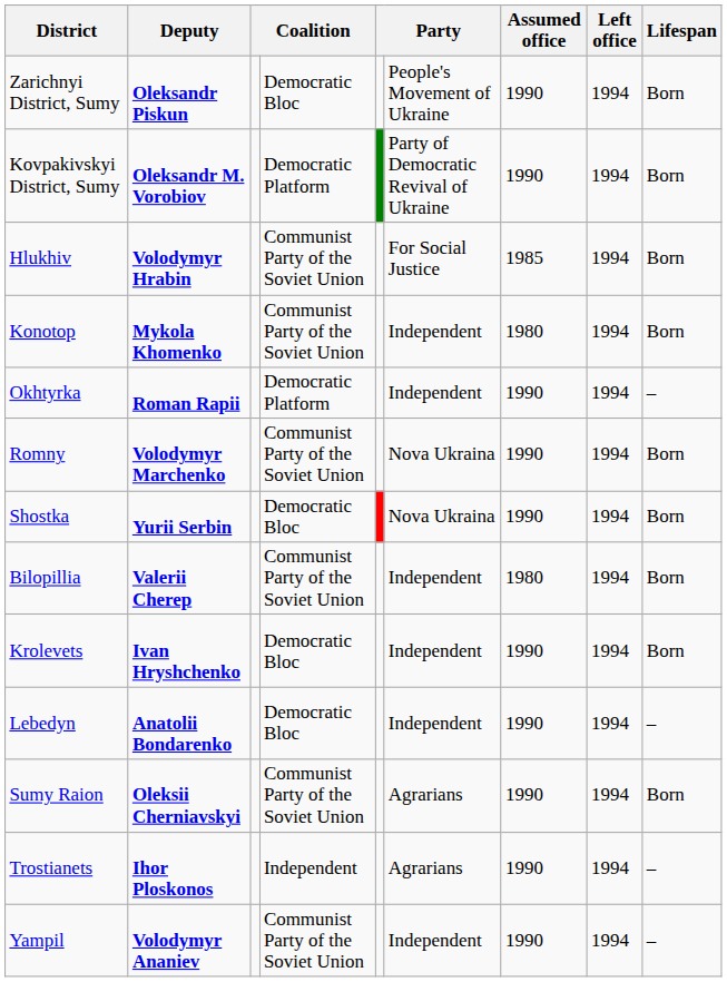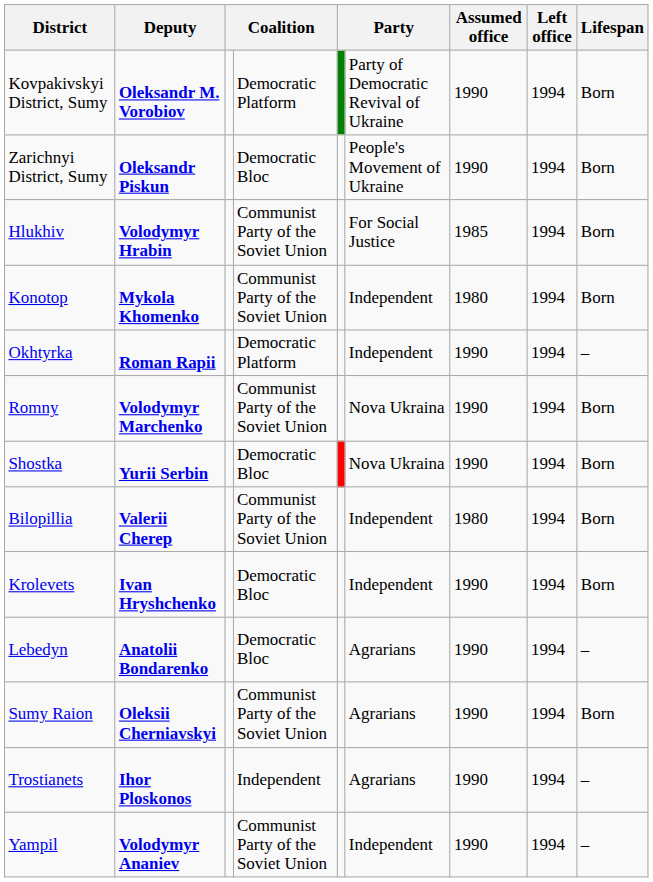 <table class="wikitable standard sortable">
 <tr>
 <th scope="col">District<br></th>
 <th scope="col">Deputy</th>
 <th scope="col" colspan=2>Coalition</th>
 <th scope="col" colspan=2>Party</th>
 <th scope="col">Assumed office</th>
 <th scope="col">Left office</th>
 <th scope="col">Lifespan</th>
 </tr>
 <tr>
+<td>Kovpakivskyi District, Sumy<br></td>
+<td data-sort-value="Vorobiov, Oleksandr"><br><strong><a href='#'>Oleksandr M. Vorobiov</a></strong></td>
+<td style="background-color:"></td>
+<td>Democratic Platform</td>
+<td style="background-color:green"></td>
+<td>Party of Democratic Revival of Ukraine</td>
+<td>1990</td>
+<td>1994</td>
+<td>Born </td>
+</tr>
+<tr>
 <td>Zarichnyi District, Sumy<br></td>
 <td data-sort-value="Piskun, Oleksandr"><br><strong><a href='#'>Oleksandr Piskun</a></strong></td>
 <td style="background-color:"></td>
 <td>Democratic Bloc</td>
 <td style="background-color:"></td>
 <td>People's Movement of Ukraine</td>
-<td>1990</td>
-<td>1994</td>
-<td>Born </td>
-</tr>
-<tr>
-<td>Kovpakivskyi District, Sumy<br></td>
-<td data-sort-value="Vorobiov, Oleksandr"><br><strong><a href='#'>Oleksandr M. Vorobiov</a></strong></td>
-<td style="background-color:"></td>
-<td>Democratic Platform</td>
-<td style="background-color:green"></td>
-<td>Party of Democratic Revival of Ukraine</td>
 <td>1990</td>
 <td>1994</td>
 <td>Born </td>
 </tr>
 <tr>
 <td><a href='#'>Hlukhiv</a><br></td>
 <td data-sort-value="Hrabin, Volodymyr"><br><strong><a href='#'>Volodymyr Hrabin</a></strong></td>
 <td style="background-color:"></td>
 <td>Communist Party of the Soviet Union</td>
 <td style="background-color:"></td>
 <td>For Social Justice</td>
 <td>1985</td>
 <td>1994</td>
 <td>Born </td>
 </tr>
 <tr>
 <td><a href='#'>Konotop</a><br></td>
 <td data-sort-value="Khomenko, Mykola"><br><strong><a href='#'>Mykola Khomenko</a></strong></td>
 <td style="background-color:"></td>
 <td>Communist Party of the Soviet Union</td>
 <td style="background-color:"></td>
 <td>Independent</td>
 <td>1980</td>
 <td>1994</td>
 <td>Born </td>
 </tr>
 <tr>
 <td><a href='#'>Okhtyrka</a><br></td>
 <td data-sort-value="Rapii, Roman"><br><strong><a href='#'>Roman Rapii</a></strong></td>
 <td style="background-color:"></td>
 <td>Democratic Platform</td>
 <td style="background-color:"></td>
 <td>Independent</td>
 <td>1990</td>
 <td>1994</td>
 <td> – </td>
 </tr>
 <tr>
 <td><a href='#'>Romny</a><br></td>
 <td data-sort-value="Marchenko, Volodymyr"><br><strong><a href='#'>Volodymyr Marchenko</a></strong></td>
 <td style="background-color:"></td>
 <td>Communist Party of the Soviet Union</td>
 <td style="background-color:"></td>
 <td>Nova Ukraina</td>
 <td>1990</td>
 <td>1994</td>
 <td>Born </td>
 </tr>
 <tr>
 <td><a href='#'>Shostka</a><br></td>
 <td data-sort-value="Serbin, Yurii"><br><strong><a href='#'>Yurii Serbin</a></strong></td>
 <td style="background-color:"></td>
 <td>Democratic Bloc</td>
 <td style="background-color:red"></td>
 <td>Nova Ukraina</td>
 <td>1990</td>
 <td>1994</td>
 <td>Born </td>
 </tr>
 <tr>
 <td><a href='#'>Bilopillia</a><br></td>
 <td data-sort-value="Cherep, Valerii"><br><strong><a href='#'>Valerii Cherep</a></strong></td>
 <td style="background-color:"></td>
 <td>Communist Party of the Soviet Union</td>
 <td style="background-color:"></td>
 <td>Independent</td>
 <td>1980</td>
 <td>1994</td>
 <td>Born </td>
 </tr>
 <tr>
 <td><a href='#'>Krolevets</a><br></td>
 <td data-sort-value="Hryshchenko, Ivan"><br><strong><a href='#'>Ivan Hryshchenko</a></strong></td>
 <td style="background-color:"></td>
 <td>Democratic Bloc</td>
 <td style="background-color:"></td>
 <td>Independent</td>
 <td>1990</td>
 <td>1994</td>
 <td>Born </td>
 </tr>
 <tr>
 <td><a href='#'>Lebedyn</a><br></td>
 <td data-sort-value="Bondarenko, Anatolii"><br><strong><a href='#'>Anatolii Bondarenko</a></strong></td>
 <td style="background-color:"></td>
 <td>Democratic Bloc</td>
 <td style="background-color:"></td>
-<td>Independent</td>
+<td>Agrarians</td>
 <td>1990</td>
 <td>1994</td>
 <td> – </td>
 </tr>
 <tr>
 <td><a href='#'>Sumy Raion</a><br></td>
 <td data-sort-value="Cherniavskyi, Oleksii"><br><strong><a href='#'>Oleksii Cherniavskyi</a></strong></td>
 <td style="background-color:"></td>
 <td>Communist Party of the Soviet Union</td>
 <td style="background-color:"></td>
 <td>Agrarians</td>
 <td>1990</td>
 <td>1994</td>
 <td>Born </td>
 </tr>
 <tr>
 <td><a href='#'>Trostianets</a><br></td>
 <td data-sort-value="Ploskonos, Ihor"><br><strong><a href='#'>Ihor Ploskonos</a></strong></td>
 <td style="background-color:"></td>
 <td>Independent</td>
 <td style="background-color:"></td>
 <td>Agrarians</td>
 <td>1990</td>
 <td>1994</td>
 <td> – </td>
 </tr>
 <tr>
 <td><a href='#'>Yampil</a><br></td>
 <td data-sort-value="Ananiev, Volodymyr"><br><strong><a href='#'>Volodymyr Ananiev</a></strong></td>
 <td style="background-color:"></td>
 <td>Communist Party of the Soviet Union</td>
 <td style="background-color:"></td>
 <td>Independent</td>
 <td>1990</td>
 <td>1994</td>
 <td> – </td>
 </tr>
 </table>
